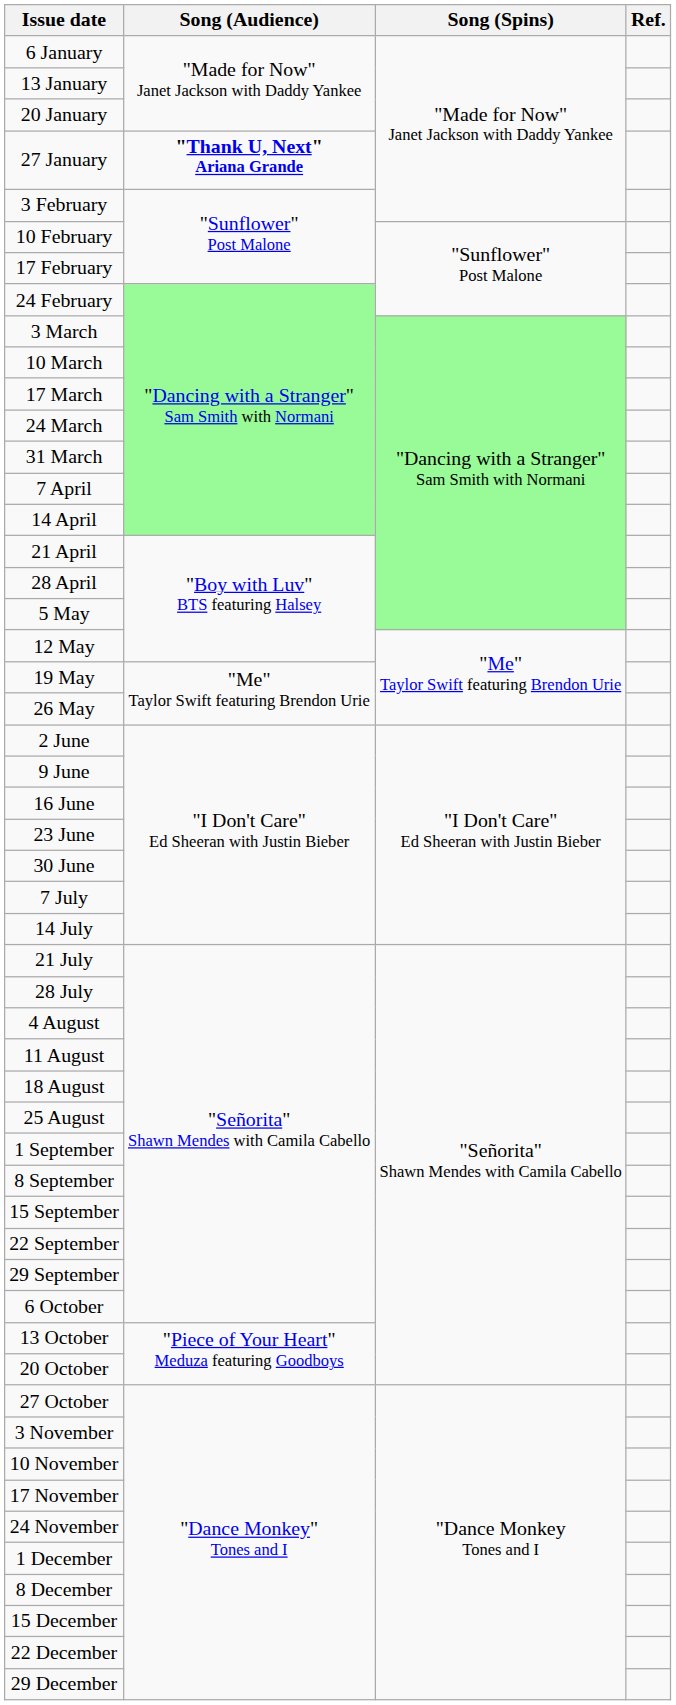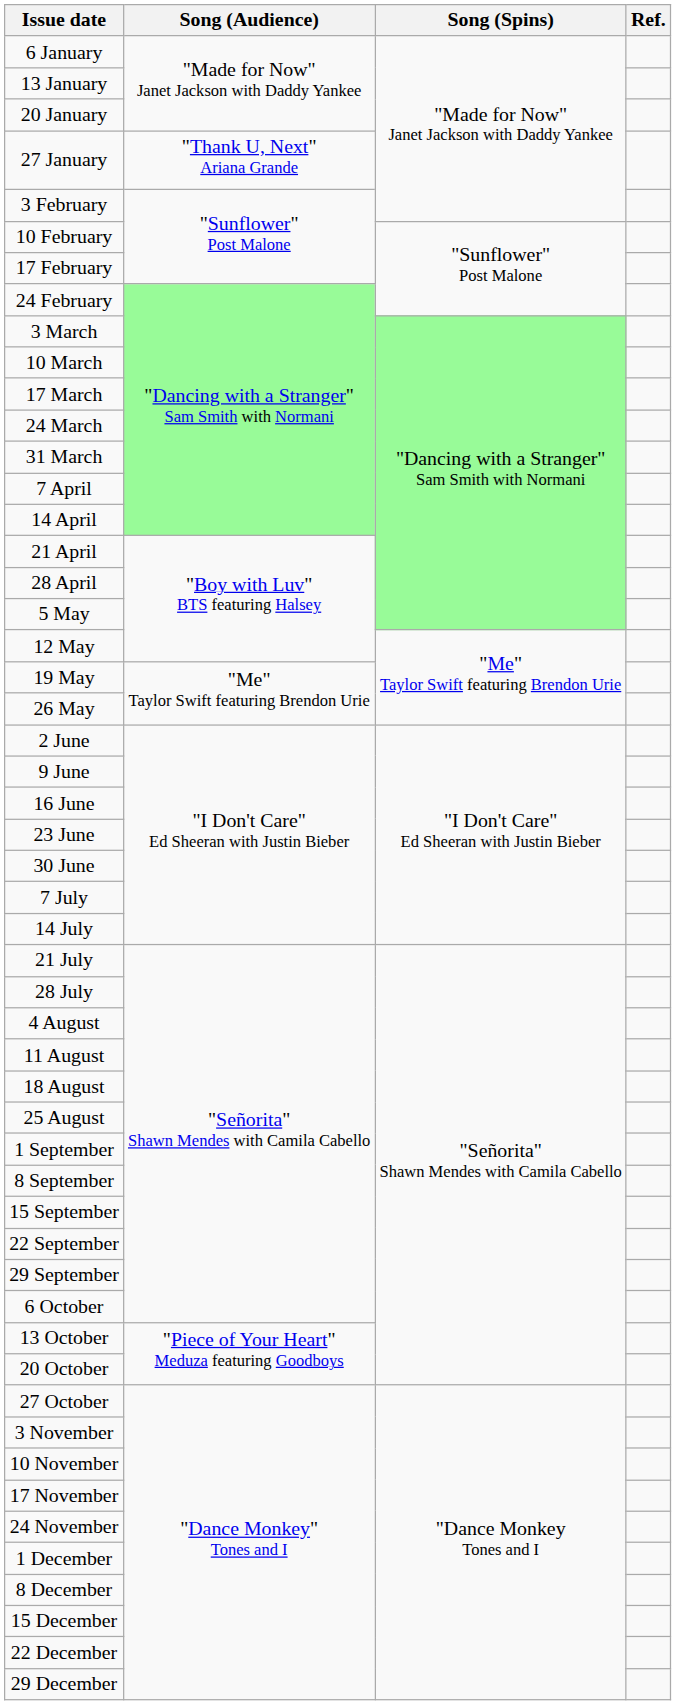 <table class="wikitable" style="text-align: center;">
 <tr>
 <th>Issue date</th>
 <th>Song (Audience)</th>
 <th>Song (Spins)</th>
 <th>Ref.</th>
 </tr>
 <tr>
 <td>6 January</td>
 <td rowspan="3">"Made for Now"<br><sup>Janet Jackson with Daddy Yankee</sup></td>
 <td rowspan="5">"Made for Now"<br><sup>Janet Jackson with Daddy Yankee</sup></td>
 <td></td>
 </tr>
 <tr>
 <td>13 January</td>
 <td></td>
 </tr>
 <tr>
 <td>20 January</td>
 <td></td>
 </tr>
 <tr>
 <td>27 January</td>
-<td><strong>"<a href='#'>Thank U, Next</a>"<br><sup><a href='#'>Ariana Grande</a></sup></strong></td>
+<td>"<a href='#'>Thank U, Next</a>"<br><sup><a href='#'>Ariana Grande</a></sup></td>
 <td></td>
 </tr>
 <tr>
 <td>3 February</td>
 <td rowspan="3">"<a href='#'>Sunflower</a>"<br><sup><a href='#'>Post Malone</a></sup></td>
 <td></td>
 </tr>
 <tr>
 <td>10 February</td>
 <td rowspan="3">"Sunflower"<br><sup>Post Malone</sup></td>
 <td></td>
 </tr>
 <tr>
 <td>17 February</td>
 <td></td>
 </tr>
 <tr>
 <td>24 February</td>
 <td style="background-color:#98FB98" rowspan="8">"<a href='#'>Dancing with a Stranger</a>"<br><sup><a href='#'>Sam Smith</a> with <a href='#'>Normani</a></sup></td>
 <td></td>
 </tr>
 <tr>
 <td>3 March</td>
 <td style="background-color:#98FB98" rowspan="10">"Dancing with a Stranger"<br><sup>Sam Smith with Normani</sup></td>
 <td></td>
 </tr>
 <tr>
 <td>10 March</td>
 <td></td>
 </tr>
 <tr>
 <td>17 March</td>
 <td></td>
 </tr>
 <tr>
 <td>24 March</td>
 <td></td>
 </tr>
 <tr>
 <td>31 March</td>
 <td></td>
 </tr>
 <tr>
 <td>7 April</td>
 <td></td>
 </tr>
 <tr>
 <td>14 April</td>
 <td></td>
 </tr>
 <tr>
 <td>21 April</td>
 <td rowspan="4">"<a href='#'>Boy with Luv</a>"<br><sup><a href='#'>BTS</a> featuring <a href='#'>Halsey</a></sup></td>
 <td></td>
 </tr>
 <tr>
 <td>28 April</td>
 <td></td>
 </tr>
 <tr>
 <td>5 May</td>
 <td></td>
 </tr>
 <tr>
 <td>12 May</td>
 <td rowspan="3">"<a href='#'>Me</a>"<br><sup><a href='#'>Taylor Swift</a> featuring <a href='#'>Brendon Urie</a></sup></td>
 <td></td>
 </tr>
 <tr>
 <td>19 May</td>
 <td rowspan="2">"Me"<br><sup>Taylor Swift featuring Brendon Urie</sup></td>
 <td></td>
 </tr>
 <tr>
 <td>26 May</td>
 <td></td>
 </tr>
 <tr>
 <td>2 June</td>
 <td rowspan="7">"I Don't Care"<br><sup>Ed Sheeran with Justin Bieber</sup></td>
 <td rowspan="7">"I Don't Care"<br><sup>Ed Sheeran with Justin Bieber</sup></td>
 <td></td>
 </tr>
 <tr>
 <td>9 June</td>
 <td></td>
 </tr>
 <tr>
 <td>16 June</td>
 <td></td>
 </tr>
 <tr>
 <td>23 June</td>
 <td></td>
 </tr>
 <tr>
 <td>30 June</td>
 <td></td>
 </tr>
 <tr>
 <td>7 July</td>
 <td></td>
 </tr>
 <tr>
 <td>14 July</td>
 <td></td>
 </tr>
 <tr>
 <td>21 July</td>
 <td rowspan="12">"<a href='#'>Señorita</a>"<br><sup><a href='#'>Shawn Mendes</a> with Camila Cabello</sup></td>
 <td rowspan="14">"Señorita"<br><sup>Shawn Mendes with Camila Cabello</sup></td>
 <td></td>
 </tr>
 <tr>
 <td>28 July</td>
 <td></td>
 </tr>
 <tr>
 <td>4 August</td>
 <td></td>
 </tr>
 <tr>
 <td>11 August</td>
 <td></td>
 </tr>
 <tr>
 <td>18 August</td>
 <td></td>
 </tr>
 <tr>
 <td>25 August</td>
 <td></td>
 </tr>
 <tr>
 <td>1 September</td>
 <td></td>
 </tr>
 <tr>
 <td>8 September</td>
 <td></td>
 </tr>
 <tr>
 <td>15 September</td>
 <td></td>
 </tr>
 <tr>
 <td>22 September</td>
 <td></td>
 </tr>
 <tr>
 <td>29 September</td>
 <td></td>
 </tr>
 <tr>
 <td>6 October</td>
 <td></td>
 </tr>
 <tr>
 <td>13 October</td>
 <td rowspan="2">"<a href='#'>Piece of Your Heart</a>"<br><sup><a href='#'>Meduza</a> featuring <a href='#'>Goodboys</a></sup></td>
 <td></td>
 </tr>
 <tr>
 <td>20 October</td>
 <td></td>
 </tr>
 <tr>
 <td>27 October</td>
 <td rowspan="10">"<a href='#'>Dance Monkey</a>"<br><sup><a href='#'>Tones and I</a></sup></td>
 <td rowspan="10">"Dance Monkey<br><sup>Tones and I</sup></td>
 <td></td>
 </tr>
 <tr>
 <td>3 November</td>
 <td></td>
 </tr>
 <tr>
 <td>10 November</td>
 <td></td>
 </tr>
 <tr>
 <td>17 November</td>
 <td></td>
 </tr>
 <tr>
 <td>24 November</td>
 <td></td>
 </tr>
 <tr>
 <td>1 December</td>
 <td></td>
 </tr>
 <tr>
 <td>8 December</td>
 <td></td>
 </tr>
 <tr>
 <td>15 December</td>
 <td></td>
 </tr>
 <tr>
 <td>22 December</td>
 <td></td>
 </tr>
 <tr>
 <td>29 December</td>
 <td></td>
 </tr>
 </table>
